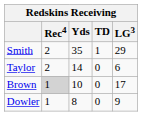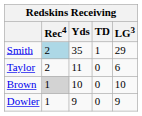 <table class="wikitable">
 <tr>
 <th colspan="5">Redskins Receiving</th>
 </tr>
 <tr>
 <th></th>
 <th>Rec<sup>4</sup></th>
 <th>Yds</th>
 <th>TD</th>
 <th>LG<sup>3</sup></th>
 </tr>
 <tr>
 <td><a href='#'>Smith</a></td>
-<td>2</td>
+<td style="background: lightblue;">2</td>
 <td>35</td>
 <td>1</td>
 <td>29</td>
 </tr>
 <tr>
 <td><a href='#'>Taylor</a></td>
 <td>2</td>
-<td>14</td>
+<td>11</td>
 <td>0</td>
 <td>6</td>
 </tr>
 <tr>
 <td><a href='#'>Brown</a></td>
 <td style="background: lightgrey;">1</td>
 <td>10</td>
 <td>0</td>
-<td>17</td>
+<td>10</td>
 </tr>
 <tr>
 <td><a href='#'>Dowler</a></td>
 <td>1</td>
-<td>8</td>
+<td>9</td>
 <td>0</td>
 <td>9</td>
 </tr>
 </table>
